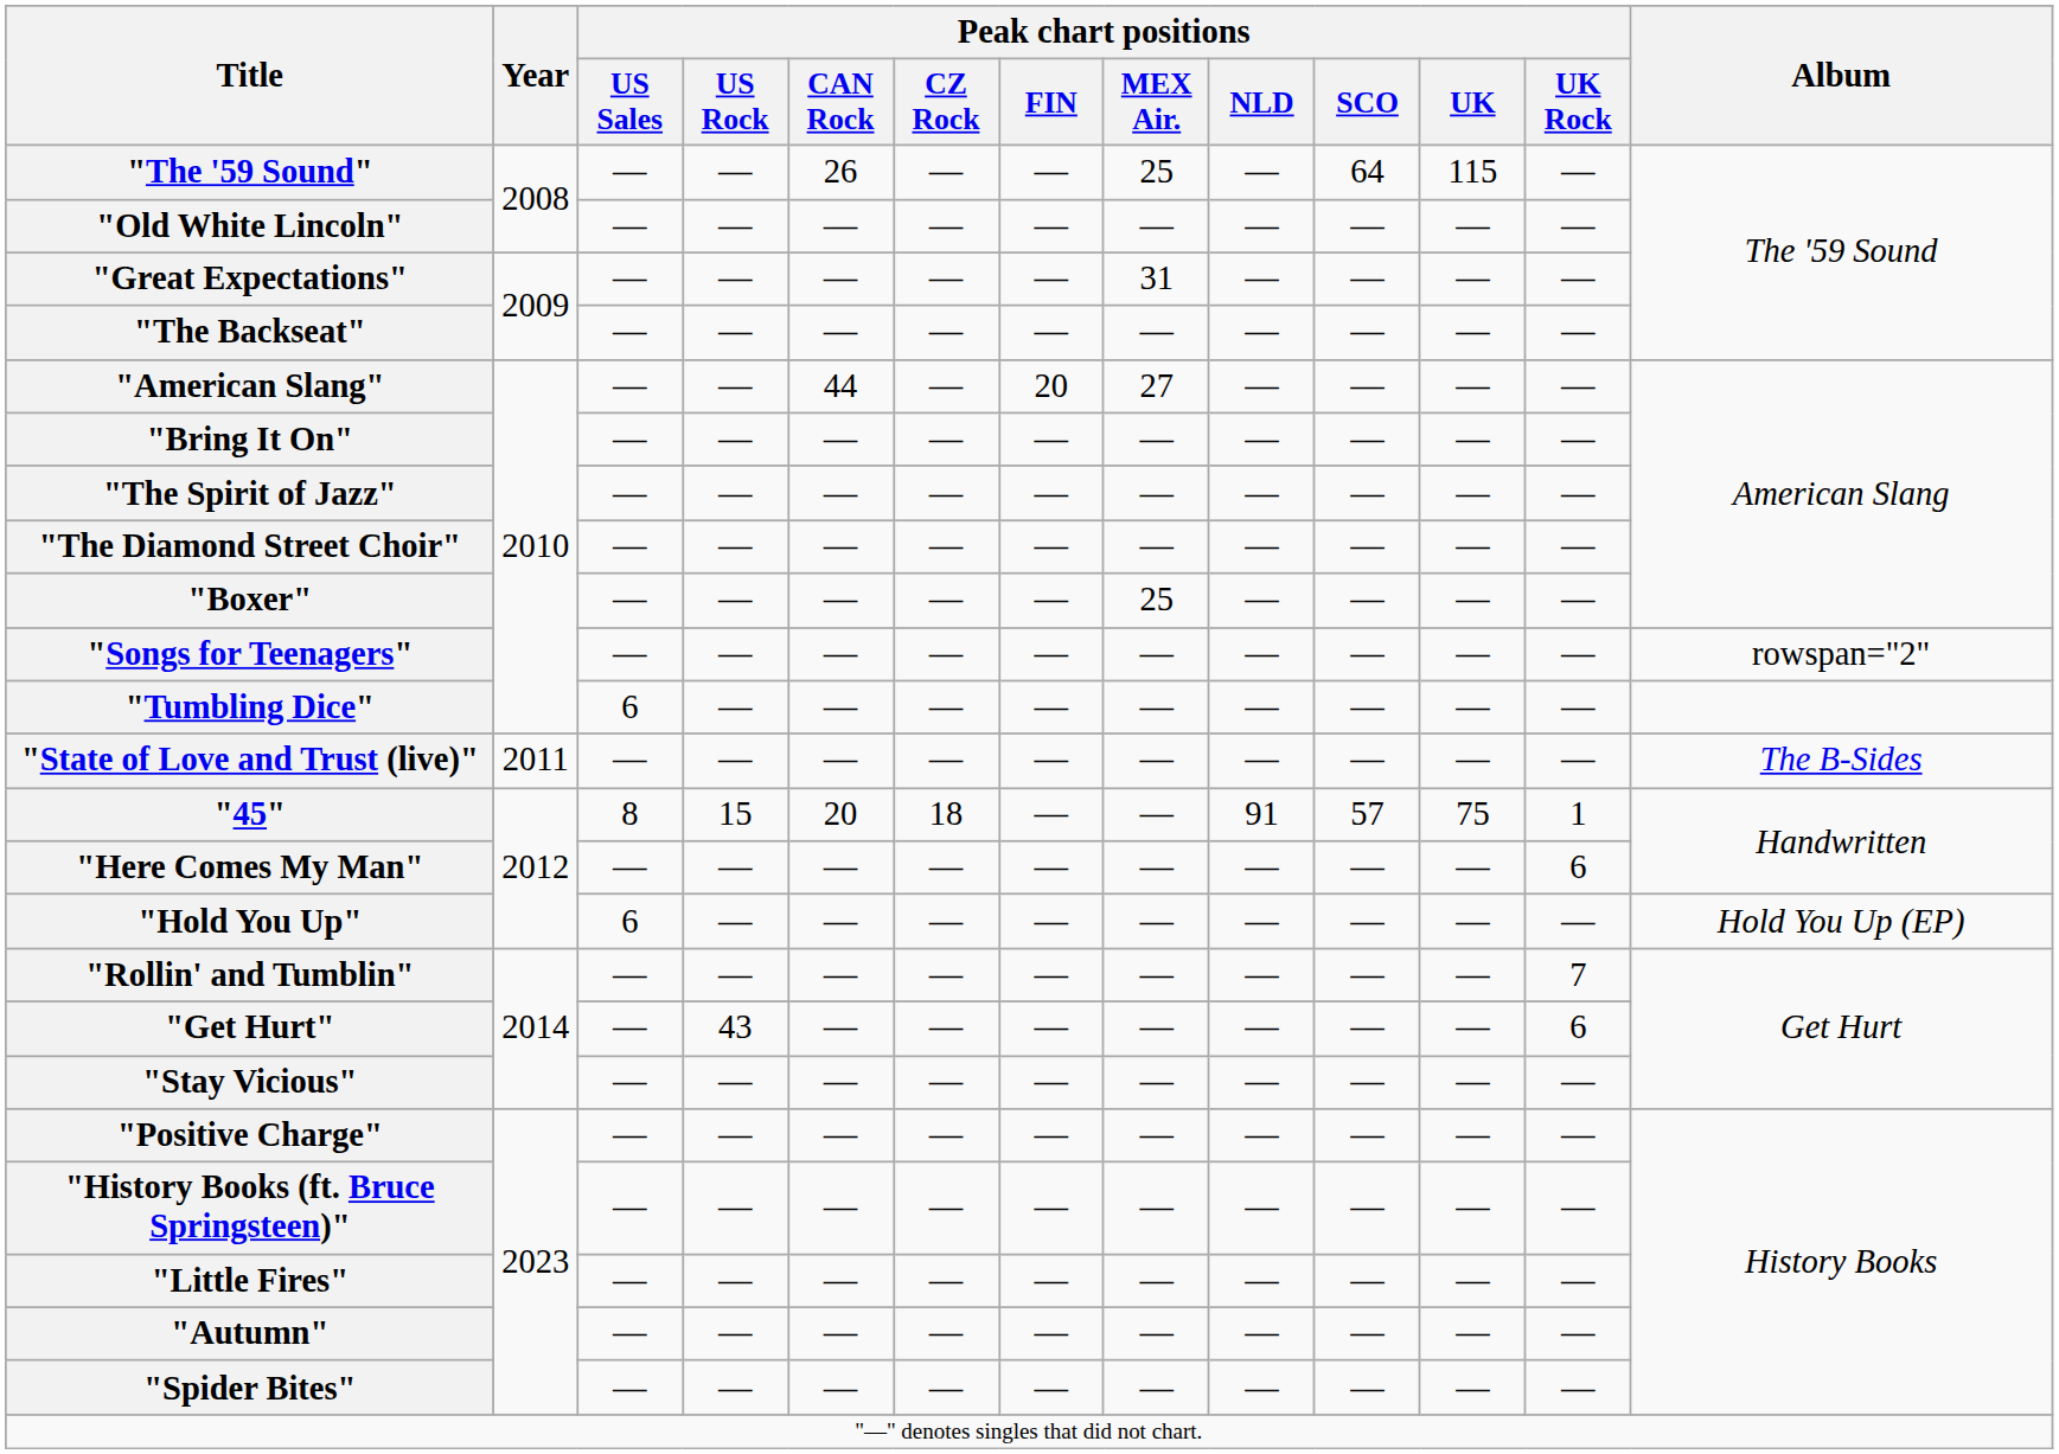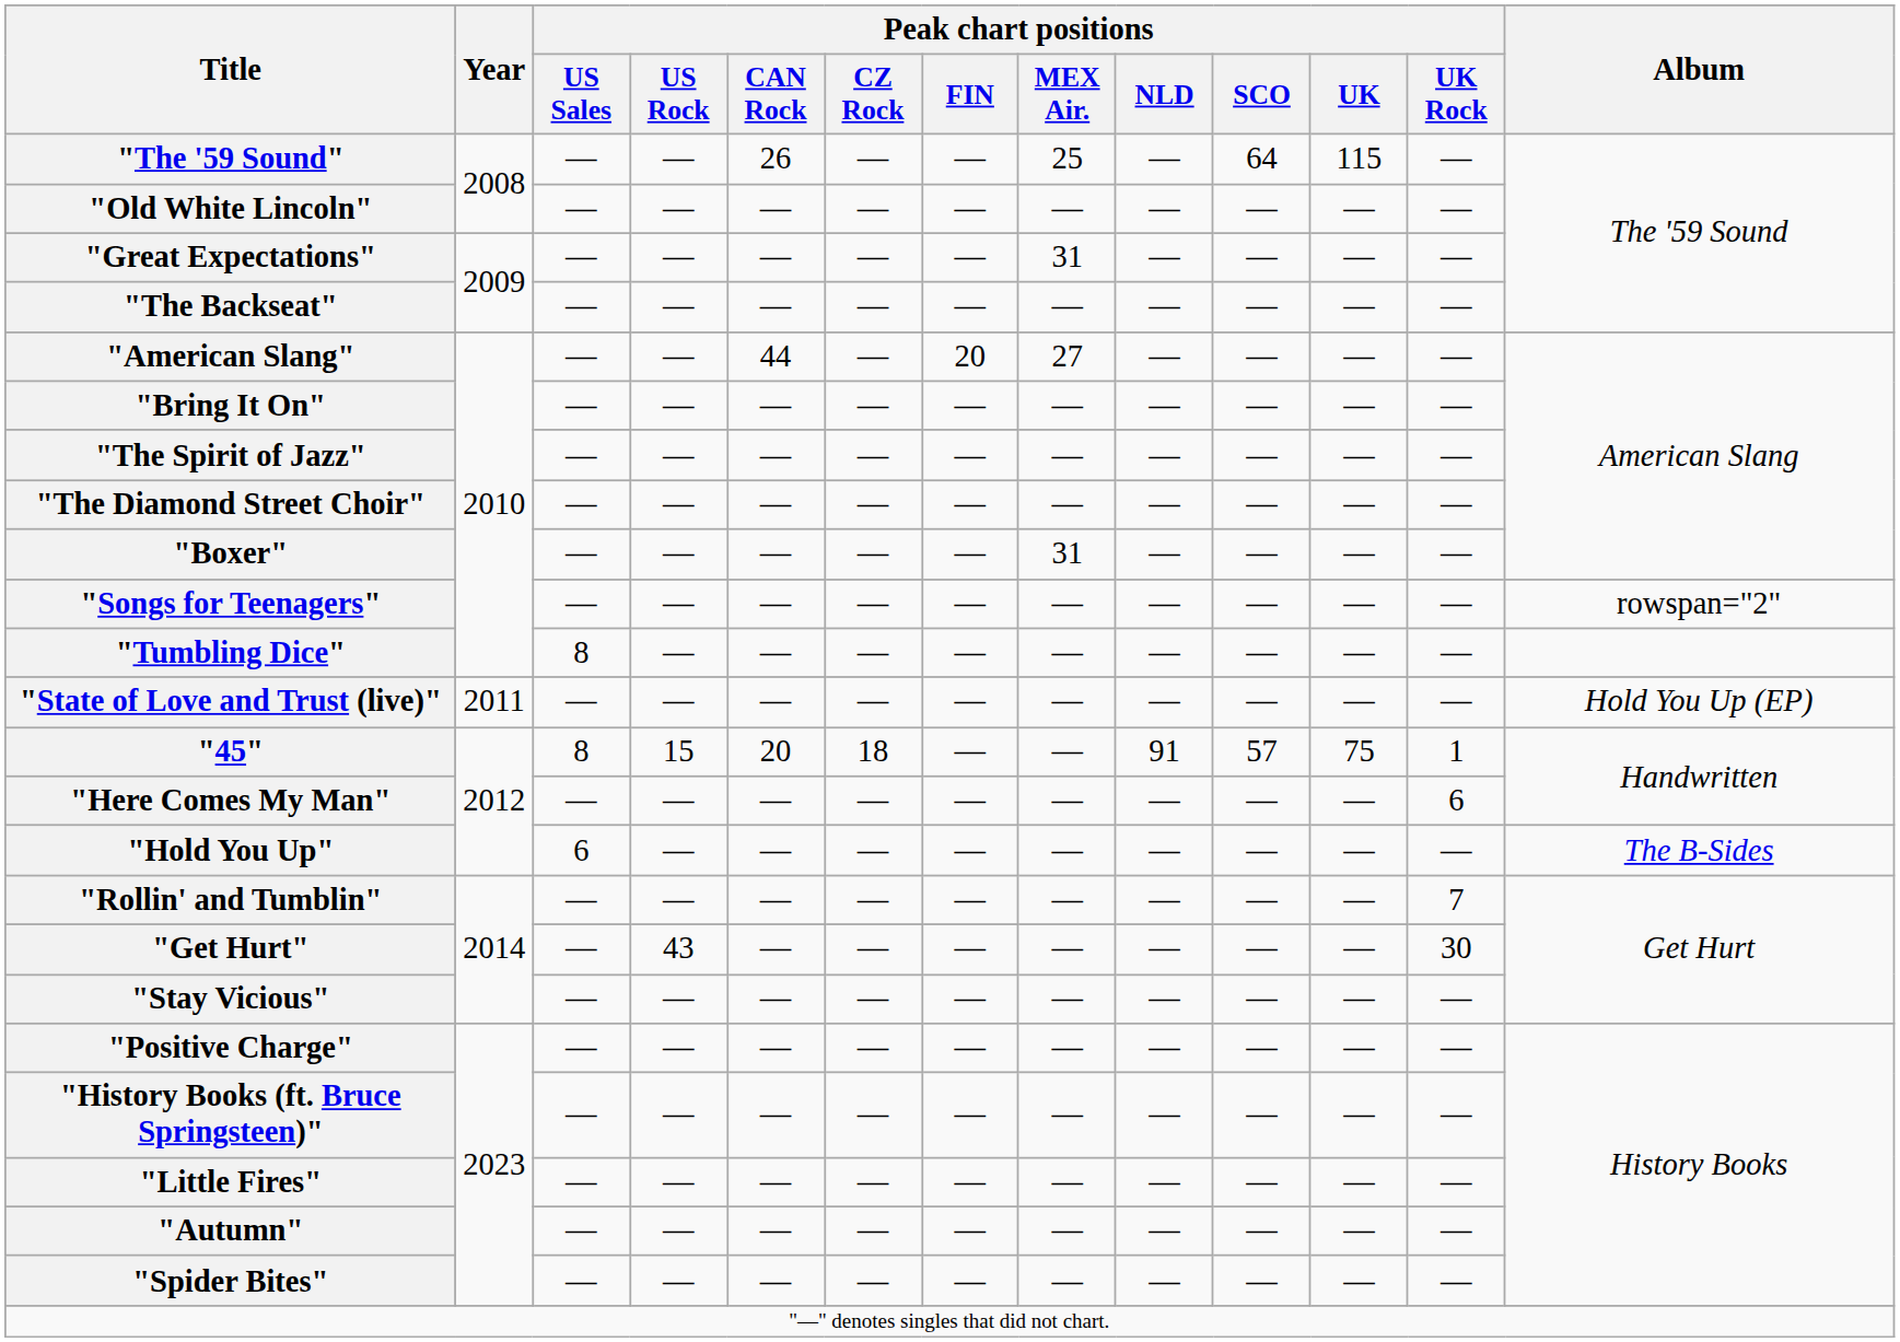 <table class="wikitable plainrowheaders" style="text-align:center;">
 <tr>
 <th scope="col" rowspan="2" style="width:14em;">Title</th>
 <th scope="col" rowspan="2">Year</th>
 <th scope="col" colspan="10">Peak chart positions</th>
 <th scope="col" rowspan="2" style="width:12em;">Album</th>
 </tr>
 <tr>
 <th scope="col" style="width:3em;font-size:90%;"><a href='#'>US<br>Sales</a><br></th>
 <th scope="col" style="width:3em;font-size:90%;"><a href='#'>US <br>Rock</a><br></th>
 <th scope="col" style="width:3em;font-size:90%;"><a href='#'>CAN<br>Rock</a><br></th>
 <th scope="col" style="width:3em;font-size:90%;"><a href='#'>CZ<br>Rock</a><br></th>
 <th scope="col" style="width:3em;font-size:90%;"><a href='#'>FIN</a><br></th>
 <th scope="col" style="width:3em;font-size:90%;"><a href='#'>MEX<br> Air.</a><br></th>
 <th scope="col" style="width:3em;font-size:90%;"><a href='#'>NLD</a><br></th>
 <th scope="col" style="width:3em;font-size:90%;"><a href='#'>SCO</a><br></th>
 <th scope="col" style="width:3em;font-size:90%;"><a href='#'>UK</a><br></th>
 <th scope="col" style="width:3em;font-size:90%;"><a href='#'>UK<br>Rock</a><br></th>
 </tr>
 <tr>
 <th scope="row">"<a href='#'>The '59 Sound</a>"</th>
 <td rowspan="2">2008</td>
 <td>—</td>
 <td>—</td>
 <td>26</td>
 <td>—</td>
 <td>—</td>
 <td>25</td>
 <td>—</td>
 <td>64</td>
 <td>115</td>
 <td>—</td>
 <td rowspan="4"><em>The '59 Sound</em></td>
 </tr>
 <tr>
 <th scope="row">"Old White Lincoln"</th>
 <td>—</td>
 <td>—</td>
 <td>—</td>
 <td>—</td>
 <td>—</td>
 <td>—</td>
 <td>—</td>
 <td>—</td>
 <td>—</td>
 <td>—</td>
 </tr>
 <tr>
 <th scope="row">"Great Expectations"</th>
 <td rowspan="2">2009</td>
 <td>—</td>
 <td>—</td>
 <td>—</td>
 <td>—</td>
 <td>—</td>
 <td>31</td>
 <td>—</td>
 <td>—</td>
 <td>—</td>
 <td>—</td>
 </tr>
 <tr>
 <th scope="row">"The Backseat"</th>
 <td>—</td>
 <td>—</td>
 <td>—</td>
 <td>—</td>
 <td>—</td>
 <td>—</td>
 <td>—</td>
 <td>—</td>
 <td>—</td>
 <td>—</td>
 </tr>
 <tr>
 <th scope="row">"American Slang"</th>
 <td rowspan="7">2010</td>
 <td>—</td>
 <td>—</td>
 <td>44</td>
 <td>—</td>
 <td>20</td>
 <td>27</td>
 <td>—</td>
 <td>—</td>
 <td>—</td>
 <td>—</td>
 <td rowspan="5"><em>American Slang</em></td>
 </tr>
 <tr>
 <th scope="row">"Bring It On"</th>
 <td>—</td>
 <td>—</td>
 <td>—</td>
 <td>—</td>
 <td>—</td>
 <td>—</td>
 <td>—</td>
 <td>—</td>
 <td>—</td>
 <td>—</td>
 </tr>
 <tr>
 <th scope="row">"The Spirit of Jazz"</th>
 <td>—</td>
 <td>—</td>
 <td>—</td>
 <td>—</td>
 <td>—</td>
 <td>—</td>
 <td>—</td>
 <td>—</td>
 <td>—</td>
 <td>—</td>
 </tr>
 <tr>
 <th scope="row">"The Diamond Street Choir"</th>
 <td>—</td>
 <td>—</td>
 <td>—</td>
 <td>—</td>
 <td>—</td>
 <td>—</td>
 <td>—</td>
 <td>—</td>
 <td>—</td>
 <td>—</td>
 </tr>
 <tr>
 <th scope="row">"Boxer"</th>
 <td>—</td>
 <td>—</td>
 <td>—</td>
 <td>—</td>
 <td>—</td>
-<td>25</td>
+<td>31</td>
 <td>—</td>
 <td>—</td>
 <td>—</td>
 <td>—</td>
 </tr>
 <tr>
 <th scope="row">"<a href='#'>Songs for Teenagers</a>"</th>
 <td>—</td>
 <td>—</td>
 <td>—</td>
 <td>—</td>
 <td>—</td>
 <td>—</td>
 <td>—</td>
 <td>—</td>
 <td>—</td>
 <td>—</td>
 <td>rowspan="2" </td>
 </tr>
 <tr>
 <th scope="row">"<a href='#'>Tumbling Dice</a>"</th>
-<td>6</td>
+<td>8</td>
 <td>—</td>
 <td>—</td>
 <td>—</td>
 <td>—</td>
 <td>—</td>
 <td>—</td>
 <td>—</td>
 <td>—</td>
 <td>—</td>
 </tr>
 <tr>
 <th scope="row">"<a href='#'>State of Love and Trust</a> (live)"</th>
 <td>2011</td>
 <td>—</td>
 <td>—</td>
 <td>—</td>
 <td>—</td>
 <td>—</td>
 <td>—</td>
 <td>—</td>
 <td>—</td>
 <td>—</td>
 <td>—</td>
-<td><em><a href='#'>The B-Sides</a></em></td>
+<td><em>Hold You Up (EP)</em></td>
 </tr>
 <tr>
 <th scope="row">"<a href='#'>45</a>"</th>
 <td rowspan="3">2012</td>
 <td>8</td>
 <td>15</td>
 <td>20</td>
 <td>18</td>
 <td>—</td>
 <td>—</td>
 <td>91</td>
 <td>57</td>
 <td>75</td>
 <td>1</td>
 <td rowspan="2"><em>Handwritten</em></td>
 </tr>
 <tr>
 <th scope="row">"Here Comes My Man"</th>
 <td>—</td>
 <td>—</td>
 <td>—</td>
 <td>—</td>
 <td>—</td>
 <td>—</td>
 <td>—</td>
 <td>—</td>
 <td>—</td>
 <td>6</td>
 </tr>
 <tr>
 <th scope="row">"Hold You Up"</th>
 <td>6</td>
 <td>—</td>
 <td>—</td>
 <td>—</td>
 <td>—</td>
 <td>—</td>
 <td>—</td>
 <td>—</td>
 <td>—</td>
 <td>—</td>
-<td><em>Hold You Up (EP)</em></td>
+<td><em><a href='#'>The B-Sides</a></em></td>
 </tr>
 <tr>
 <th scope="row">"Rollin' and Tumblin"</th>
 <td rowspan="3">2014</td>
 <td>—</td>
 <td>—</td>
 <td>—</td>
 <td>—</td>
 <td>—</td>
 <td>—</td>
 <td>—</td>
 <td>—</td>
 <td>—</td>
 <td>7</td>
 <td rowspan="3"><em>Get Hurt</em></td>
 </tr>
 <tr>
 <th scope="row">"Get Hurt"</th>
 <td>—</td>
 <td>43</td>
 <td>—</td>
 <td>—</td>
 <td>—</td>
 <td>—</td>
 <td>—</td>
 <td>—</td>
 <td>—</td>
-<td>6</td>
+<td>30</td>
 </tr>
 <tr>
 <th scope="row">"Stay Vicious"</th>
 <td>—</td>
 <td>—</td>
 <td>—</td>
 <td>—</td>
 <td>—</td>
 <td>—</td>
 <td>—</td>
 <td>—</td>
 <td>—</td>
 <td>—</td>
 </tr>
 <tr>
 <th scope="row">"Positive Charge"</th>
 <td rowspan="5">2023</td>
 <td>—</td>
 <td>—</td>
 <td>—</td>
 <td>—</td>
 <td>—</td>
 <td>—</td>
 <td>—</td>
 <td>—</td>
 <td>—</td>
 <td>—</td>
 <td rowspan="5"><em>History Books</em></td>
 </tr>
 <tr>
 <th scope="row">"History Books (ft. <a href='#'>Bruce Springsteen</a>)"</th>
 <td>—</td>
 <td>—</td>
 <td>—</td>
 <td>—</td>
 <td>—</td>
 <td>—</td>
 <td>—</td>
 <td>—</td>
 <td>—</td>
 <td>—</td>
 </tr>
 <tr>
 <th scope="row">"Little Fires"</th>
 <td>—</td>
 <td>—</td>
 <td>—</td>
 <td>—</td>
 <td>—</td>
 <td>—</td>
 <td>—</td>
 <td>—</td>
 <td>—</td>
 <td>—</td>
 </tr>
 <tr>
 <th scope="row">"Autumn"</th>
 <td>—</td>
 <td>—</td>
 <td>—</td>
 <td>—</td>
 <td>—</td>
 <td>—</td>
 <td>—</td>
 <td>—</td>
 <td>—</td>
 <td>—</td>
 </tr>
 <tr>
 <th scope="row">"Spider Bites"</th>
 <td>—</td>
 <td>—</td>
 <td>—</td>
 <td>—</td>
 <td>—</td>
 <td>—</td>
 <td>—</td>
 <td>—</td>
 <td>—</td>
 <td>—</td>
 </tr>
 <tr>
 <td align="center" colspan="21" style="font-size: 8pt">"—" denotes singles that did not chart.</td>
 </tr>
 </table>
